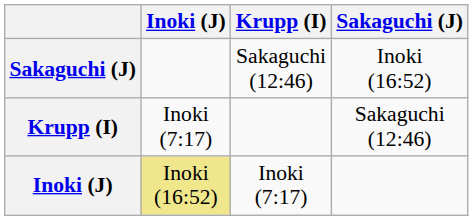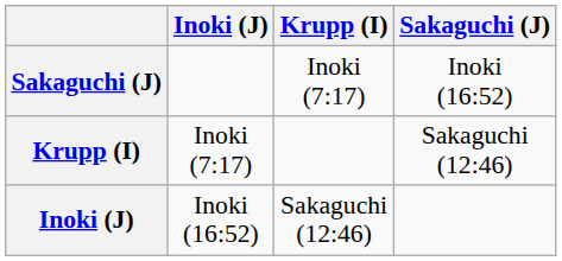 <table class="wikitable" style="margin: 1em auto 1em auto">
 <tr align="center">
 <th> </th>
 <th><a href='#'>Inoki</a> (J)</th>
 <th><a href='#'>Krupp</a> (I)</th>
 <th><a href='#'>Sakaguchi</a> (J)</th>
 </tr>
 <tr align="center">
 <th><a href='#'>Sakaguchi</a> (J)</th>
 <td></td>
-<td>Sakaguchi<br>(12:46)</td>
+<td>Inoki<br>(7:17)</td>
 <td>Inoki<br>(16:52)</td>
 </tr>
 <tr align="center">
 <th><a href='#'>Krupp</a> (I)</th>
 <td>Inoki<br>(7:17)</td>
 <td></td>
 <td>Sakaguchi<br>(12:46)</td>
 </tr>
 <tr align="center">
 <th><a href='#'>Inoki</a> (J)</th>
-<td style="background: khaki;">Inoki<br>(16:52)</td>
-<td>Inoki<br>(7:17)</td>
+<td>Inoki<br>(16:52)</td>
+<td>Sakaguchi<br>(12:46)</td>
 <td></td>
 </tr>
 </table>
